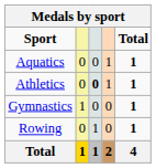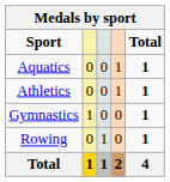 <table class="wikitable" style="font-size:85%; text-align:center;">
 <tr style="background:#efefef;">
 <th colspan=5><strong>Medals by sport</strong></th>
 </tr>
 <tr>
 <td><strong>Sport</strong></td>
 <td style="background:#f7f6a8;"></td>
 <td style="background:#dce5e5;"></td>
 <td style="background:#ffdab9;"></td>
 <td><strong>Total</strong></td>
 </tr>
 <tr>
 <td><a href='#'>Aquatics</a></td>
 <td style="background:#F7F6A8;">0</td>
 <td style="background:#DCE5E5;">0</td>
 <td style="background:#FFDAB9;">1</td>
 <td><strong>1</strong></td>
 </tr>
 <tr>
 <td><a href='#'>Athletics</a></td>
 <td style="background:#F7F6A8;">0</td>
-<td style="background:#DCE5E5;"><strong>0</strong></td>
+<td style="background:#DCE5E5;">0</td>
 <td style="background:#FFDAB9;">1</td>
 <td><strong>1</strong></td>
 </tr>
 <tr>
 <td><a href='#'>Gymnastics</a></td>
 <td style="background:#F7F6A8;">1</td>
 <td style="background:#DCE5E5;">0</td>
 <td style="background:#FFDAB9;">0</td>
 <td><strong>1</strong></td>
 </tr>
 <tr>
 <td><a href='#'>Rowing</a></td>
 <td style="background:#F7F6A8;">0</td>
 <td style="background:#DCE5E5;">1</td>
 <td style="background:#FFDAB9;">0</td>
 <td><strong>1</strong></td>
 </tr>
 <tr>
 <th>Total</th>
 <th style="background:gold;">1</th>
 <th style="background:silver;">1</th>
 <th style="background:#c96;">2</th>
 <th>4</th>
 </tr>
 </table>
